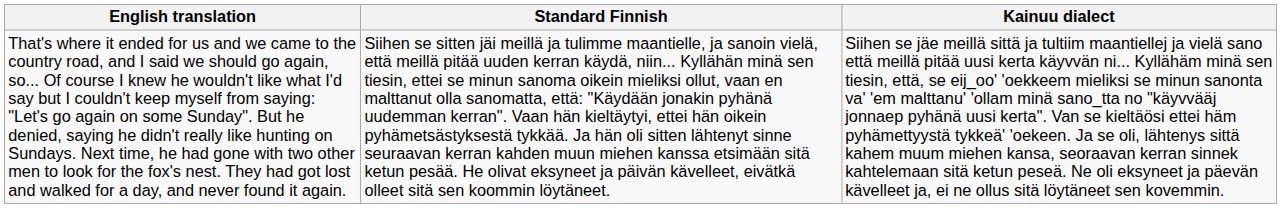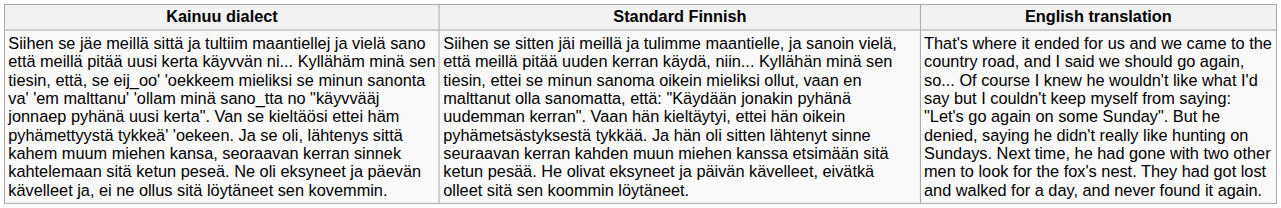 <table class="wikitable">
 <tr>
+<th>Kainuu dialect</th>
+<th>Standard Finnish</th>
 <th>English translation</th>
-<th>Standard Finnish</th>
-<th>Kainuu dialect</th>
 </tr>
 <tr>
+<td>Siihen se jäe meillä sittä ja tultiim maantiellej ja vielä sano että meillä pitää uusi kerta käyvvän ni... Kyllähäm minä sen tiesin, että, se eij_oo' 'oekkeem mieliksi se minun sanonta va' 'em malttanu' 'ollam minä sano_tta no "käyvvääj jonnaep pyhänä uusi kerta". Van se kieltäösi ettei häm pyhämettyystä tykkeä' 'oekeen. Ja se oli, lähtenys sittä kahem muum miehen kansa, seoraavan kerran sinnek kahtelemaan sitä ketun peseä. Ne oli eksyneet ja päevän kävelleet ja, ei ne ollus sitä löytäneet sen kovemmin.</td>
+<td>Siihen se sitten jäi meillä ja tulimme maantielle, ja sanoin vielä, että meillä pitää uuden kerran käydä, niin... Kyllähän minä sen tiesin, ettei se minun sanoma oikein mieliksi ollut, vaan en malttanut olla sanomatta, että: "Käydään jonakin pyhänä uudemman kerran". Vaan hän kieltäytyi, ettei hän oikein pyhämetsästyksestä tykkää. Ja hän oli sitten lähtenyt sinne seuraavan kerran kahden muun miehen kanssa etsimään sitä ketun pesää. He olivat eksyneet ja päivän kävelleet, eivätkä olleet sitä sen koommin löytäneet.</td>
 <td>That's where it ended for us and we came to the country road, and I said we should go again, so... Of course I knew he wouldn't like what I'd say but I couldn't keep myself from saying: "Let's go again on some Sunday". But he denied, saying he didn't really like hunting on Sundays. Next time, he had gone with two other men to look for the fox's nest. They had got lost and walked for a day, and never found it again.</td>
-<td>Siihen se sitten jäi meillä ja tulimme maantielle, ja sanoin vielä, että meillä pitää uuden kerran käydä, niin... Kyllähän minä sen tiesin, ettei se minun sanoma oikein mieliksi ollut, vaan en malttanut olla sanomatta, että: "Käydään jonakin pyhänä uudemman kerran". Vaan hän kieltäytyi, ettei hän oikein pyhämetsästyksestä tykkää. Ja hän oli sitten lähtenyt sinne seuraavan kerran kahden muun miehen kanssa etsimään sitä ketun pesää. He olivat eksyneet ja päivän kävelleet, eivätkä olleet sitä sen koommin löytäneet.</td>
-<td>Siihen se jäe meillä sittä ja tultiim maantiellej ja vielä sano että meillä pitää uusi kerta käyvvän ni... Kyllähäm minä sen tiesin, että, se eij_oo' 'oekkeem mieliksi se minun sanonta va' 'em malttanu' 'ollam minä sano_tta no "käyvvääj jonnaep pyhänä uusi kerta". Van se kieltäösi ettei häm pyhämettyystä tykkeä' 'oekeen. Ja se oli, lähtenys sittä kahem muum miehen kansa, seoraavan kerran sinnek kahtelemaan sitä ketun peseä. Ne oli eksyneet ja päevän kävelleet ja, ei ne ollus sitä löytäneet sen kovemmin.</td>
 </tr>
 </table>
